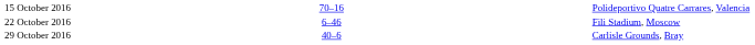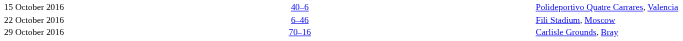 <table style="width:100%;" cellspacing="1">
 <tr>
 <th width=15%></th>
 <th width=25%></th>
 <th width=10%></th>
 <th width=25%></th>
 </tr>
 <tr style=font-size:90%>
 <td align=right>15 October 2016</td>
 <td align=right></td>
-<td align=center><a href='#'>70–16</a></td>
+<td align=center><a href='#'>40–6</a></td>
 <td></td>
 <td><a href='#'>Polideportivo Quatre Carrares</a>, <a href='#'>Valencia</a></td>
 </tr>
 <tr style=font-size:90%>
 <td align=right>22 October 2016</td>
 <td align=right></td>
 <td align=center><a href='#'>6–46</a></td>
 <td></td>
 <td><a href='#'>Fili Stadium</a>, <a href='#'>Moscow</a></td>
 </tr>
 <tr style=font-size:90%>
 <td align=right>29 October 2016</td>
 <td align=right></td>
-<td align=center><a href='#'>40–6</a></td>
+<td align=center><a href='#'>70–16</a></td>
 <td></td>
 <td><a href='#'>Carlisle Grounds</a>, <a href='#'>Bray</a></td>
 </tr>
 </table>
